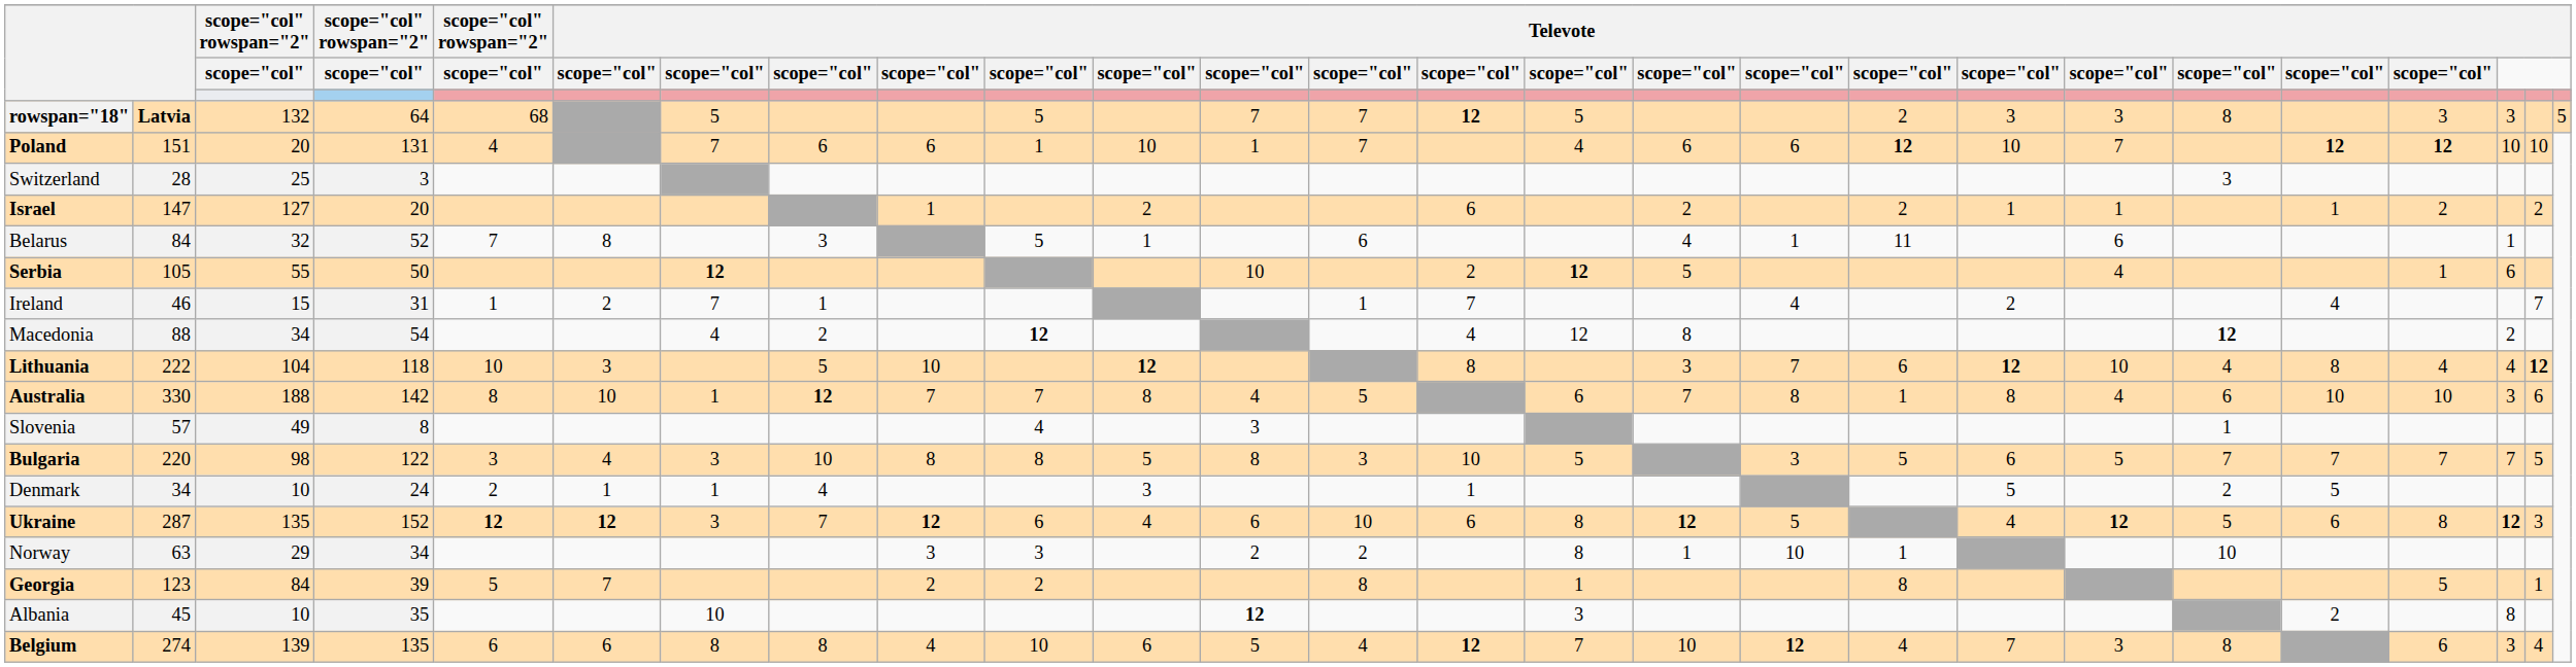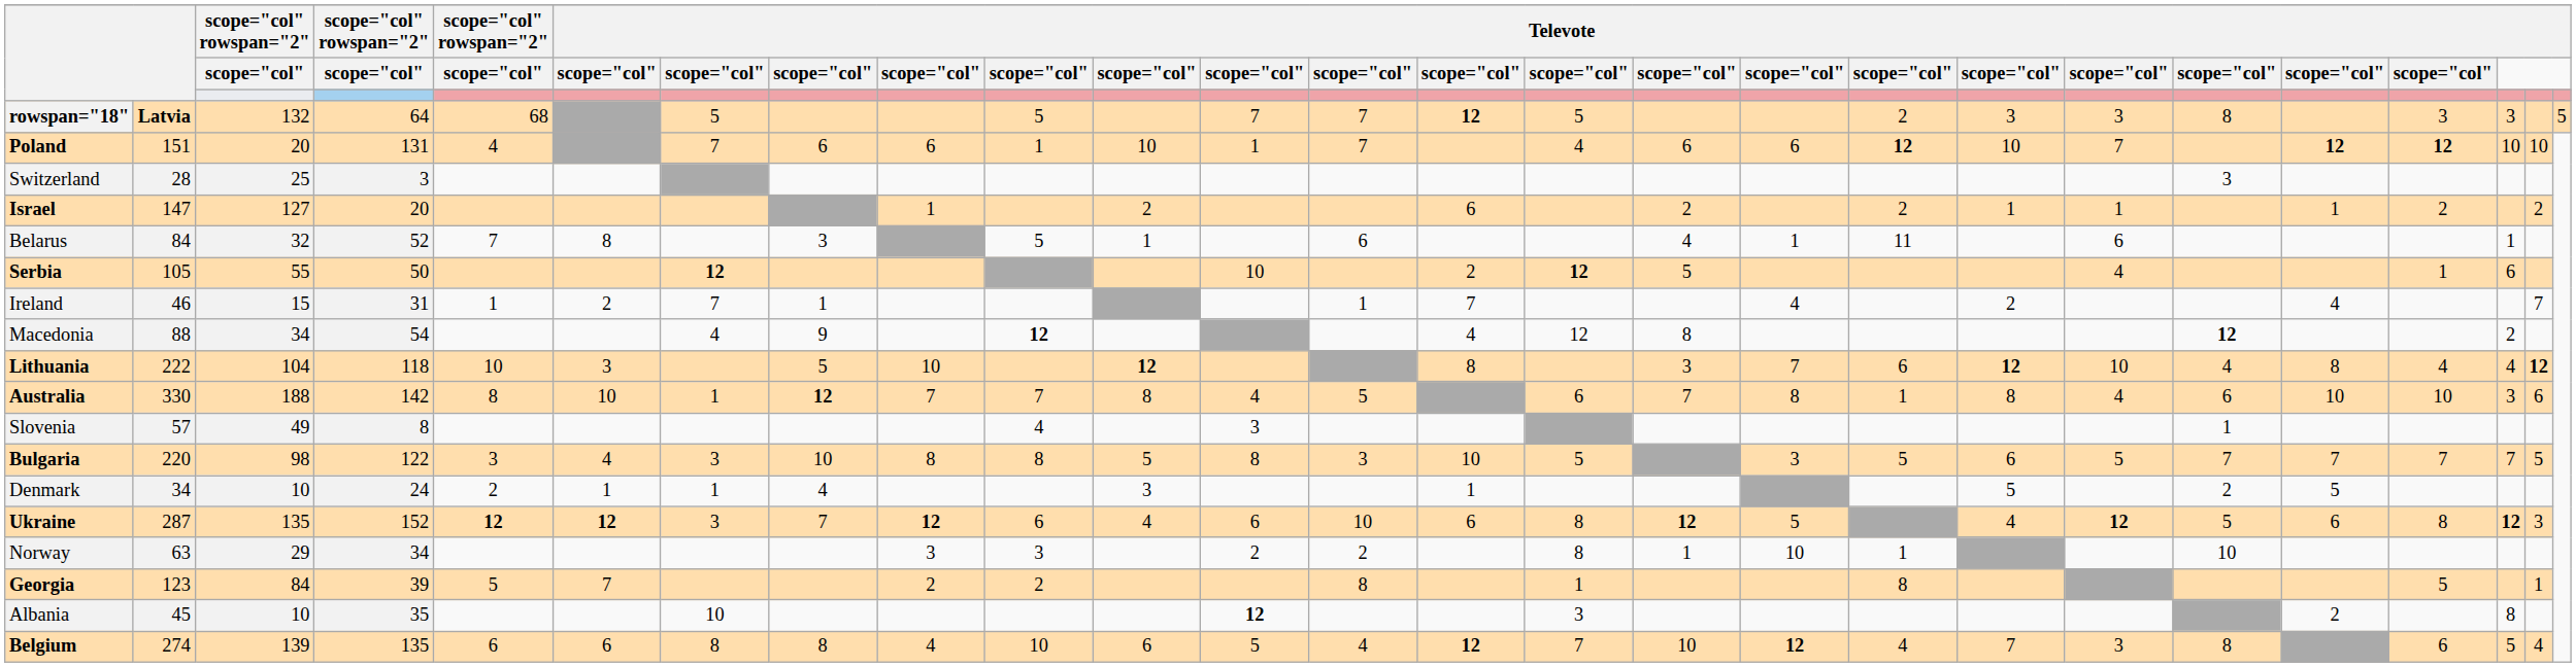 <table class="wikitable plainrowheaders" style="text-align:center; font-size:85%;">
 <tr>
 </tr>
 <tr>
 <td colspan="2" rowspan="3" style="background: #F2F2F2;"></td>
 <th>scope="col" rowspan="2" </th>
 <th>scope="col" rowspan="2" </th>
 <th>scope="col" rowspan="2" </th>
 <th scope="col" colspan="21">Televote</th>
 </tr>
 <tr>
 <th>scope="col" </th>
 <th>scope="col" </th>
 <th>scope="col" </th>
 <th>scope="col" </th>
 <th>scope="col" </th>
 <th>scope="col" </th>
 <th>scope="col" </th>
 <th>scope="col" </th>
 <th>scope="col" </th>
 <th>scope="col" </th>
 <th>scope="col" </th>
 <th>scope="col" </th>
 <th>scope="col" </th>
 <th>scope="col" </th>
 <th>scope="col" </th>
 <th>scope="col" </th>
 <th>scope="col" </th>
 <th>scope="col" </th>
 <th>scope="col" </th>
 <th>scope="col" </th>
 <th>scope="col" </th>
 </tr>
 <tr>
 <td style="height:2px; background:#eaecf0; border-top:1px solid transparent;"></td>
 <td style="background:#A4D1EF;"></td>
 <td style="background:#EFA4A9;"></td>
 <th style="background:#EFA4A9;"></th>
 <th style="background:#EFA4A9;"></th>
 <th style="background:#EFA4A9;"></th>
 <th style="background:#EFA4A9;"></th>
 <th style="background:#EFA4A9;"></th>
 <th style="background:#EFA4A9;"></th>
 <th style="background:#EFA4A9;"></th>
 <th style="background:#EFA4A9;"></th>
 <th style="background:#EFA4A9;"></th>
 <th style="background:#EFA4A9;"></th>
 <th style="background:#EFA4A9;"></th>
 <th style="background:#EFA4A9;"></th>
 <th style="background:#EFA4A9;"></th>
 <th style="background:#EFA4A9;"></th>
 <th style="background:#EFA4A9;"></th>
 <th style="background:#EFA4A9;"></th>
 <th style="background:#EFA4A9;"></th>
 <th style="background:#EFA4A9;"></th>
 <th style="background:#EFA4A9;"></th>
 <th style="background:#EFA4A9;"></th>
 <th style="background:#EFA4A9;"></th>
 </tr>
 <tr style="background:#ffdead;">
 <th>rowspan="18" </th>
 <td scope="row" style="text-align:left; font-weight:bold; background:#ffdead;">Latvia</td>
 <td style="text-align:right;">132</td>
 <td style="text-align:right;">64</td>
 <td style="text-align:right;">68</td>
 <td style="background:#AAAAAA;"></td>
 <td>5</td>
 <td></td>
 <td></td>
 <td>5</td>
 <td></td>
 <td>7</td>
 <td>7</td>
 <td><strong>12</strong></td>
 <td>5</td>
 <td></td>
 <td></td>
 <td>2</td>
 <td>3</td>
 <td>3</td>
 <td>8</td>
 <td></td>
 <td>3</td>
 <td>3</td>
 <td></td>
 <td>5</td>
 </tr>
 <tr style="background:#ffdead;">
 <td scope="row" style="text-align:left; font-weight:bold; background:#ffdead;">Poland</td>
 <td style="text-align:right;">151</td>
 <td style="text-align:right;">20</td>
 <td style="text-align:right;">131</td>
 <td>4</td>
 <td style="background:#AAAAAA;"></td>
 <td>7</td>
 <td>6</td>
 <td>6</td>
 <td>1</td>
 <td>10</td>
 <td>1</td>
 <td>7</td>
 <td></td>
 <td>4</td>
 <td>6</td>
 <td>6</td>
 <td><strong>12</strong></td>
 <td>10</td>
 <td>7</td>
 <td></td>
 <td><strong>12</strong></td>
 <td><strong>12</strong></td>
 <td>10</td>
 <td>10</td>
 </tr>
 <tr>
 <td scope="row" style="text-align:left; background:#f2f2f2;">Switzerland</td>
 <td style="text-align:right; background:#f2f2f2;">28</td>
 <td style="text-align:right; background:#f2f2f2;">25</td>
 <td style="text-align:right; background:#f2f2f2;">3</td>
 <td></td>
 <td></td>
 <td style="background:#AAAAAA;"></td>
 <td></td>
 <td></td>
 <td></td>
 <td></td>
 <td></td>
 <td></td>
 <td></td>
 <td></td>
 <td></td>
 <td></td>
 <td></td>
 <td></td>
 <td></td>
 <td>3</td>
 <td></td>
 <td></td>
 <td></td>
 <td></td>
 </tr>
 <tr style="background:#ffdead;">
 <td scope="row" style="text-align:left; font-weight:bold; background:#ffdead;">Israel</td>
 <td style="text-align:right;">147</td>
 <td style="text-align:right;">127</td>
 <td style="text-align:right;">20</td>
 <td></td>
 <td></td>
 <td></td>
 <td style="background:#AAAAAA;"></td>
 <td>1</td>
 <td></td>
 <td>2</td>
 <td></td>
 <td></td>
 <td>6</td>
 <td></td>
 <td>2</td>
 <td></td>
 <td>2</td>
 <td>1</td>
 <td>1</td>
 <td></td>
 <td>1</td>
 <td>2</td>
 <td></td>
 <td>2</td>
 </tr>
 <tr>
 <td scope="row" style="text-align:left; background:#f2f2f2;">Belarus</td>
 <td style="text-align:right; background:#f2f2f2;">84</td>
 <td style="text-align:right; background:#f2f2f2;">32</td>
 <td style="text-align:right; background:#f2f2f2;">52</td>
 <td>7</td>
 <td>8</td>
 <td></td>
 <td>3</td>
 <td style="background:#AAAAAA;"></td>
 <td>5</td>
 <td>1</td>
 <td></td>
 <td>6</td>
 <td></td>
 <td></td>
 <td>4</td>
 <td>1</td>
 <td>11</td>
 <td></td>
 <td>6</td>
 <td></td>
 <td></td>
 <td></td>
 <td>1</td>
 <td></td>
 </tr>
 <tr style="background:#ffdead;">
 <td scope="row" style="text-align:left; font-weight:bold; background:#ffdead;">Serbia</td>
 <td style="text-align:right;">105</td>
 <td style="text-align:right;">55</td>
 <td style="text-align:right;">50</td>
 <td></td>
 <td></td>
 <td><strong>12</strong></td>
 <td></td>
 <td></td>
 <td style="background:#AAAAAA;"></td>
 <td></td>
 <td>10</td>
 <td></td>
 <td>2</td>
 <td><strong>12</strong></td>
 <td>5</td>
 <td></td>
 <td></td>
 <td></td>
 <td>4</td>
 <td></td>
 <td></td>
 <td>1</td>
 <td>6</td>
 <td></td>
 </tr>
 <tr>
 <td scope="row" style="text-align:left; background:#f2f2f2;">Ireland</td>
 <td style="text-align:right; background:#f2f2f2;">46</td>
 <td style="text-align:right; background:#f2f2f2;">15</td>
 <td style="text-align:right; background:#f2f2f2;">31</td>
 <td>1</td>
 <td>2</td>
 <td>7</td>
 <td>1</td>
 <td></td>
 <td></td>
 <td style="background:#AAAAAA;"></td>
 <td></td>
 <td>1</td>
 <td>7</td>
 <td></td>
 <td></td>
 <td>4</td>
 <td></td>
 <td>2</td>
 <td></td>
 <td></td>
 <td>4</td>
 <td></td>
 <td></td>
 <td>7</td>
 </tr>
 <tr>
 <td scope="row" style="text-align:left; background:#f2f2f2;">Macedonia</td>
 <td style="text-align:right; background:#f2f2f2;">88</td>
 <td style="text-align:right; background:#f2f2f2;">34</td>
 <td style="text-align:right; background:#f2f2f2;">54</td>
 <td></td>
 <td></td>
 <td>4</td>
-<td>2</td>
+<td>9</td>
 <td></td>
 <td><strong>12</strong></td>
 <td></td>
 <td style="background:#AAAAAA;"></td>
 <td></td>
 <td>4</td>
 <td>12</td>
 <td>8</td>
 <td></td>
 <td></td>
 <td></td>
 <td></td>
 <td><strong>12</strong></td>
 <td></td>
 <td></td>
 <td>2</td>
 <td></td>
 </tr>
 <tr style="background:#ffdead;">
 <td scope="row" style="text-align:left; font-weight:bold; background:#ffdead;">Lithuania</td>
 <td style="text-align:right;">222</td>
 <td style="text-align:right;">104</td>
 <td style="text-align:right;">118</td>
 <td>10</td>
 <td>3</td>
 <td></td>
 <td>5</td>
 <td>10</td>
 <td></td>
 <td><strong>12</strong></td>
 <td></td>
 <td style="background:#AAAAAA;"></td>
 <td>8</td>
 <td></td>
 <td>3</td>
 <td>7</td>
 <td>6</td>
 <td><strong>12</strong></td>
 <td>10</td>
 <td>4</td>
 <td>8</td>
 <td>4</td>
 <td>4</td>
 <td><strong>12</strong></td>
 </tr>
 <tr style="background:#ffdead;">
 <td scope="row" style="text-align:left; font-weight:bold; background:#ffdead;">Australia</td>
 <td style="text-align:right;">330</td>
 <td style="text-align:right;">188</td>
 <td style="text-align:right;">142</td>
 <td>8</td>
 <td>10</td>
 <td>1</td>
 <td><strong>12</strong></td>
 <td>7</td>
 <td>7</td>
 <td>8</td>
 <td>4</td>
 <td>5</td>
 <td style="background:#AAAAAA;"></td>
 <td>6</td>
 <td>7</td>
 <td>8</td>
 <td>1</td>
 <td>8</td>
 <td>4</td>
 <td>6</td>
 <td>10</td>
 <td>10</td>
 <td>3</td>
 <td>6</td>
 </tr>
 <tr>
 <td scope="row" style="text-align:left; background:#f2f2f2;">Slovenia</td>
 <td style="text-align:right; background:#f2f2f2;">57</td>
 <td style="text-align:right; background:#f2f2f2;">49</td>
 <td style="text-align:right; background:#f2f2f2;">8</td>
 <td></td>
 <td></td>
 <td></td>
 <td></td>
 <td></td>
 <td>4</td>
 <td></td>
 <td>3</td>
 <td></td>
 <td></td>
 <td style="background:#AAAAAA;"></td>
 <td></td>
 <td></td>
 <td></td>
 <td></td>
 <td></td>
 <td>1</td>
 <td></td>
 <td></td>
 <td></td>
 <td></td>
 </tr>
 <tr style="background:#ffdead;">
 <td scope="row" style="text-align:left; font-weight:bold; background:#ffdead;">Bulgaria</td>
 <td style="text-align:right;">220</td>
 <td style="text-align:right;">98</td>
 <td style="text-align:right;">122</td>
 <td>3</td>
 <td>4</td>
 <td>3</td>
 <td>10</td>
 <td>8</td>
 <td>8</td>
 <td>5</td>
 <td>8</td>
 <td>3</td>
 <td>10</td>
 <td>5</td>
 <td style="background:#AAAAAA;"></td>
 <td>3</td>
 <td>5</td>
 <td>6</td>
 <td>5</td>
 <td>7</td>
 <td>7</td>
 <td>7</td>
 <td>7</td>
 <td>5</td>
 </tr>
 <tr>
 <td scope="row" style="text-align:left; background:#f2f2f2;">Denmark</td>
 <td style="text-align:right; background:#f2f2f2;">34</td>
 <td style="text-align:right; background:#f2f2f2;">10</td>
 <td style="text-align:right; background:#f2f2f2;">24</td>
 <td>2</td>
 <td>1</td>
 <td>1</td>
 <td>4</td>
 <td></td>
 <td></td>
 <td>3</td>
 <td></td>
 <td></td>
 <td>1</td>
 <td></td>
 <td></td>
 <td style="background:#AAAAAA;"></td>
 <td></td>
 <td>5</td>
 <td></td>
 <td>2</td>
 <td>5</td>
 <td></td>
 <td></td>
 <td></td>
 </tr>
 <tr style="background:#ffdead;">
 <td scope="row" style="text-align:left; font-weight:bold; background:#ffdead;">Ukraine</td>
 <td style="text-align:right;">287</td>
 <td style="text-align:right;">135</td>
 <td style="text-align:right;">152</td>
 <td><strong>12</strong></td>
 <td><strong>12</strong></td>
 <td>3</td>
 <td>7</td>
 <td><strong>12</strong></td>
 <td>6</td>
 <td>4</td>
 <td>6</td>
 <td>10</td>
 <td>6</td>
 <td>8</td>
 <td><strong>12</strong></td>
 <td>5</td>
 <td style="background:#AAAAAA;"></td>
 <td>4</td>
 <td><strong>12</strong></td>
 <td>5</td>
 <td>6</td>
 <td>8</td>
 <td><strong>12</strong></td>
 <td>3</td>
 </tr>
 <tr>
 <td scope="row" style="text-align:left; background:#f2f2f2;">Norway</td>
 <td style="text-align:right; background:#f2f2f2;">63</td>
 <td style="text-align:right; background:#f2f2f2;">29</td>
 <td style="text-align:right; background:#f2f2f2;">34</td>
 <td></td>
 <td></td>
 <td></td>
 <td></td>
 <td>3</td>
 <td>3</td>
 <td></td>
 <td>2</td>
 <td>2</td>
 <td></td>
 <td>8</td>
 <td>1</td>
 <td>10</td>
 <td>1</td>
 <td style="background:#AAAAAA;"></td>
 <td></td>
 <td>10</td>
 <td></td>
 <td></td>
 <td></td>
 <td></td>
 </tr>
 <tr style="background:#ffdead;">
 <td scope="row" style="text-align:left; font-weight:bold; background:#ffdead;">Georgia</td>
 <td style="text-align:right;">123</td>
 <td style="text-align:right;">84</td>
 <td style="text-align:right;">39</td>
 <td>5</td>
 <td>7</td>
 <td></td>
 <td></td>
 <td>2</td>
 <td>2</td>
 <td></td>
 <td></td>
 <td>8</td>
 <td></td>
 <td>1</td>
 <td></td>
 <td></td>
 <td>8</td>
 <td></td>
 <td style="background:#AAAAAA;"></td>
 <td></td>
 <td></td>
 <td>5</td>
 <td></td>
 <td>1</td>
 </tr>
 <tr>
 <td scope="row" style="text-align:left; background:#f2f2f2;">Albania</td>
 <td style="text-align:right; background:#f2f2f2;">45</td>
 <td style="text-align:right; background:#f2f2f2;">10</td>
 <td style="text-align:right; background:#f2f2f2;">35</td>
 <td></td>
 <td></td>
 <td>10</td>
 <td></td>
 <td></td>
 <td></td>
 <td></td>
 <td><strong>12</strong></td>
 <td></td>
 <td></td>
 <td>3</td>
 <td></td>
 <td></td>
 <td></td>
 <td></td>
 <td></td>
 <td style="background:#AAAAAA;"></td>
 <td>2</td>
 <td></td>
 <td>8</td>
 <td></td>
 </tr>
 <tr style="background:#ffdead;">
 <td scope="row" style="text-align:left; font-weight:bold; background:#ffdead;">Belgium</td>
 <td style="text-align:right;">274</td>
 <td style="text-align:right;">139</td>
 <td style="text-align:right;">135</td>
 <td>6</td>
 <td>6</td>
 <td>8</td>
 <td>8</td>
 <td>4</td>
 <td>10</td>
 <td>6</td>
 <td>5</td>
 <td>4</td>
 <td><strong>12</strong></td>
 <td>7</td>
 <td>10</td>
 <td><strong>12</strong></td>
 <td>4</td>
 <td>7</td>
 <td>3</td>
 <td>8</td>
 <td style="background:#AAAAAA;"></td>
 <td>6</td>
-<td>3</td>
+<td>5</td>
 <td>4</td>
 </tr>
 </table>
